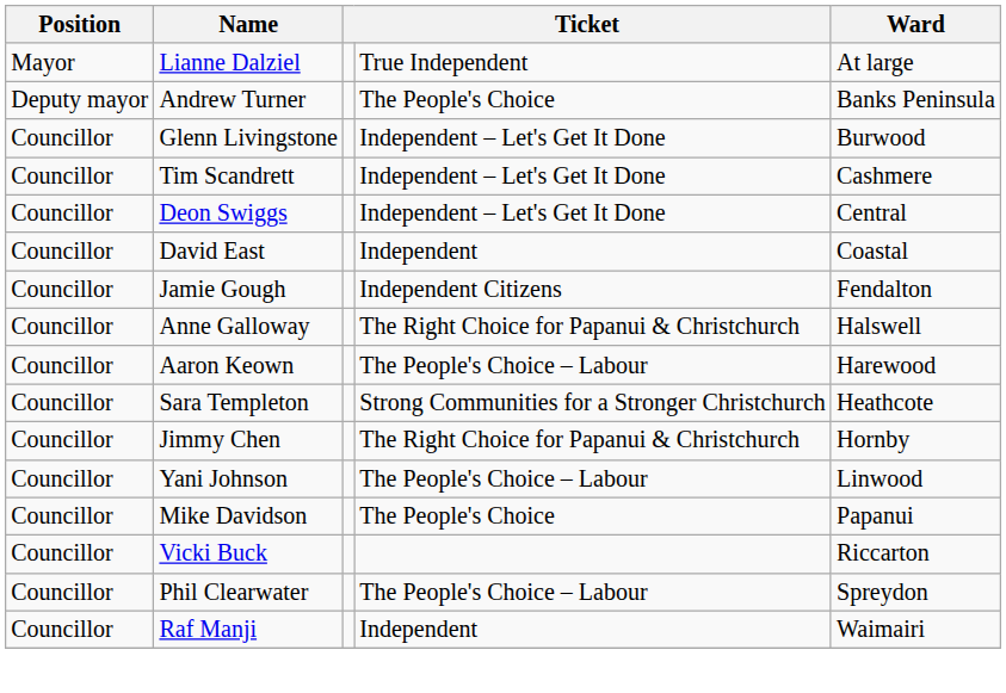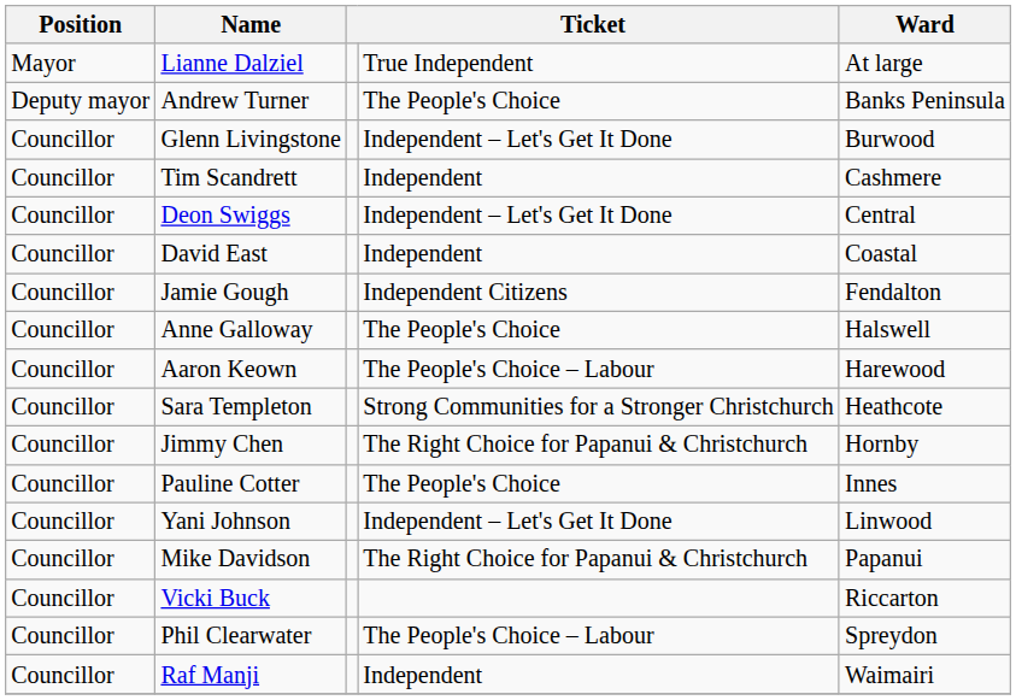 <table class="wikitable" border="1">
 <tr>
 <th>Position</th>
 <th>Name</th>
 <th Colspan=2>Ticket</th>
 <th>Ward</th>
 </tr>
 <tr>
 <td>Mayor</td>
 <td><a href='#'>Lianne Dalziel</a></td>
 <td></td>
 <td>True Independent</td>
 <td>At large</td>
 </tr>
 <tr>
 <td>Deputy mayor</td>
 <td>Andrew Turner</td>
 <td></td>
 <td>The People's Choice</td>
 <td>Banks Peninsula</td>
 </tr>
 <tr>
 <td>Councillor</td>
 <td>Glenn Livingstone</td>
 <td></td>
 <td>Independent – Let's Get It Done</td>
 <td>Burwood</td>
 </tr>
 <tr>
 <td>Councillor</td>
 <td>Tim Scandrett</td>
 <td></td>
-<td>Independent – Let's Get It Done</td>
+<td>Independent</td>
 <td>Cashmere</td>
 </tr>
 <tr>
 <td>Councillor</td>
 <td><a href='#'>Deon Swiggs</a></td>
 <td></td>
 <td>Independent – Let's Get It Done</td>
 <td>Central</td>
 </tr>
 <tr>
 <td>Councillor</td>
 <td>David East</td>
 <td></td>
 <td>Independent</td>
 <td>Coastal</td>
 </tr>
 <tr>
 <td>Councillor</td>
 <td>Jamie Gough</td>
 <td></td>
 <td>Independent Citizens</td>
 <td>Fendalton</td>
 </tr>
 <tr>
 <td>Councillor</td>
 <td>Anne Galloway</td>
 <td></td>
-<td>The Right Choice for Papanui & Christchurch</td>
+<td>The People's Choice</td>
 <td>Halswell</td>
 </tr>
 <tr>
 <td>Councillor</td>
 <td>Aaron Keown</td>
 <td></td>
 <td>The People's Choice – Labour</td>
 <td>Harewood</td>
 </tr>
 <tr>
 <td>Councillor</td>
 <td>Sara Templeton</td>
 <td></td>
 <td>Strong Communities for a Stronger Christchurch</td>
 <td>Heathcote</td>
 </tr>
 <tr>
 <td>Councillor</td>
 <td>Jimmy Chen</td>
 <td></td>
 <td>The Right Choice for Papanui & Christchurch</td>
 <td>Hornby</td>
 </tr>
 <tr>
 <td>Councillor</td>
+<td>Pauline Cotter</td>
+<td></td>
+<td>The People's Choice</td>
+<td>Innes</td>
+</tr>
+<tr>
+<td>Councillor</td>
 <td>Yani Johnson</td>
 <td></td>
-<td>The People's Choice – Labour</td>
+<td>Independent – Let's Get It Done</td>
 <td>Linwood</td>
 </tr>
 <tr>
 <td>Councillor</td>
 <td>Mike Davidson</td>
 <td></td>
-<td>The People's Choice</td>
+<td>The Right Choice for Papanui & Christchurch</td>
 <td>Papanui</td>
 </tr>
 <tr>
 <td>Councillor</td>
 <td><a href='#'>Vicki Buck</a></td>
 <td></td>
 <td></td>
 <td>Riccarton</td>
 </tr>
 <tr>
 <td>Councillor</td>
 <td>Phil Clearwater</td>
 <td></td>
 <td>The People's Choice – Labour</td>
 <td>Spreydon</td>
 </tr>
 <tr>
 <td>Councillor</td>
 <td><a href='#'>Raf Manji</a></td>
 <td></td>
 <td>Independent</td>
 <td>Waimairi</td>
 </tr>
 <tr>
 </tr>
 </table>
